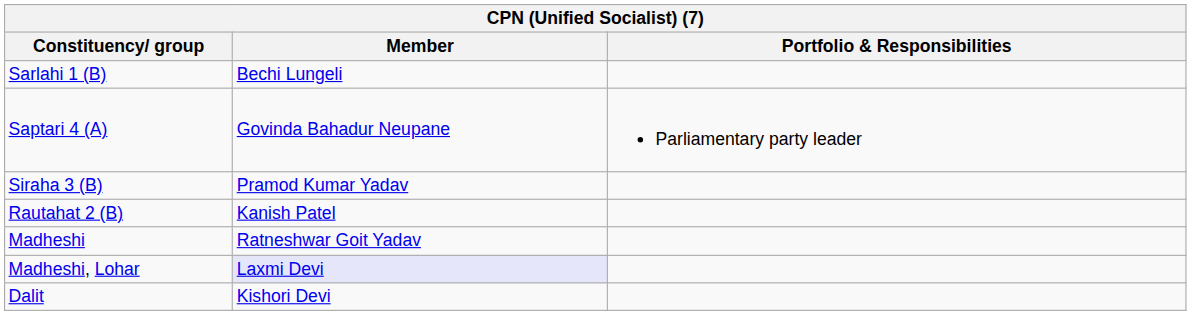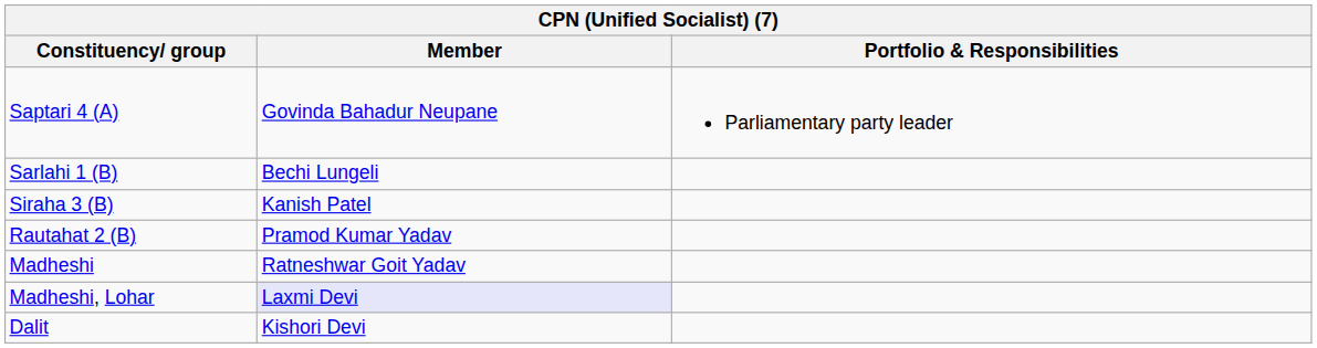 <table class="wikitable sortable">
 <tr>
 <th colspan="3" style="width: 800pt; background:">CPN (Unified Socialist) (7)</th>
 </tr>
 <tr>
 <th style="width:150pt;">Constituency/ group</th>
 <th style="width:250pt;">Member</th>
 <th>Portfolio & Responsibilities</th>
 </tr>
 <tr>
+<td><a href='#'>Saptari 4 (A)</a></td>
+<td><a href='#'>Govinda Bahadur Neupane</a></td>
+<td><br><ul><li>Parliamentary party leader</li></ul></td>
+</tr>
+<tr>
 <td><a href='#'>Sarlahi 1 (B)</a></td>
 <td><a href='#'>Bechi Lungeli</a></td>
 <td></td>
 </tr>
 <tr>
-<td><a href='#'>Saptari 4 (A)</a></td>
-<td><a href='#'>Govinda Bahadur Neupane</a></td>
-<td><br><ul><li>Parliamentary party leader</li></ul></td>
-</tr>
-<tr>
 <td><a href='#'>Siraha 3 (B)</a></td>
-<td><a href='#'>Pramod Kumar Yadav</a></td>
+<td><a href='#'>Kanish Patel</a></td>
 <td></td>
 </tr>
 <tr>
 <td><a href='#'>Rautahat 2 (B)</a></td>
-<td><a href='#'>Kanish Patel</a></td>
+<td><a href='#'>Pramod Kumar Yadav</a></td>
 <td></td>
 </tr>
 <tr>
 <td><a href='#'>Madheshi</a></td>
 <td><a href='#'>Ratneshwar Goit Yadav</a></td>
 <td></td>
 </tr>
 <tr>
 <td><a href='#'>Madheshi</a>, <a href='#'>Lohar</a></td>
 <td style="background: lavender;"><a href='#'>Laxmi Devi</a></td>
 <td></td>
 </tr>
 <tr>
 <td><a href='#'>Dalit</a></td>
 <td><a href='#'>Kishori Devi</a></td>
 <td></td>
 </tr>
 </table>
